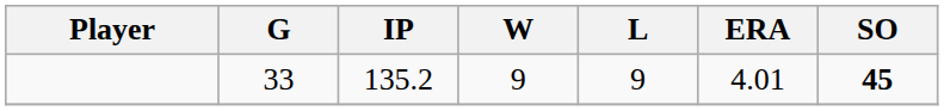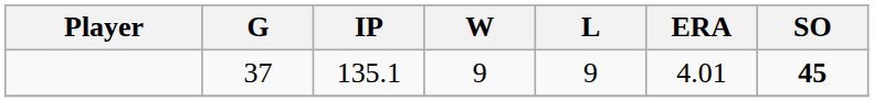 <table class="wikitable sortable">
 <tr>
 <th bgcolor="#DDDDFF" width="16%">Player</th>
 <th bgcolor="#DDDDFF" width="9%">G</th>
 <th bgcolor="#DDDDFF" width="9%">IP</th>
 <th bgcolor="#DDDDFF" width="9%">W</th>
 <th bgcolor="#DDDDFF" width="9%">L</th>
 <th bgcolor="#DDDDFF" width="9%">ERA</th>
 <th bgcolor="#DDDDFF" width="9%">SO</th>
 </tr>
 <tr align="center">
 <td></td>
-<td>33</td>
-<td>135.2</td>
+<td>37</td>
+<td>135.1</td>
 <td>9</td>
 <td>9</td>
 <td>4.01</td>
 <td><strong>45</strong></td>
 </tr>
 <tr align="center">
 </tr>
 </table>
